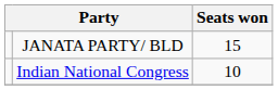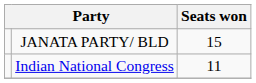 <table class="wikitable" style="text-align:center">
 <tr>
 <th colspan=2>Party</th>
 <th>Seats won</th>
 </tr>
 <tr>
 <td></td>
 <td>JANATA PARTY/ BLD</td>
 <td>15</td>
 </tr>
 <tr>
 <td></td>
 <td><a href='#'>Indian National Congress</a></td>
-<td>10</td>
+<td>11</td>
 </tr>
 <tr>
 </tr>
 </table>
